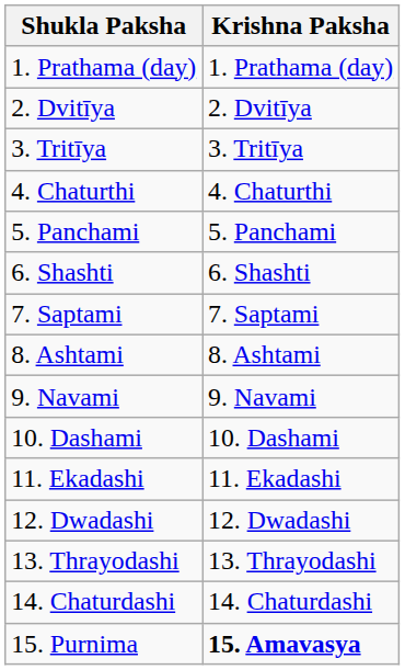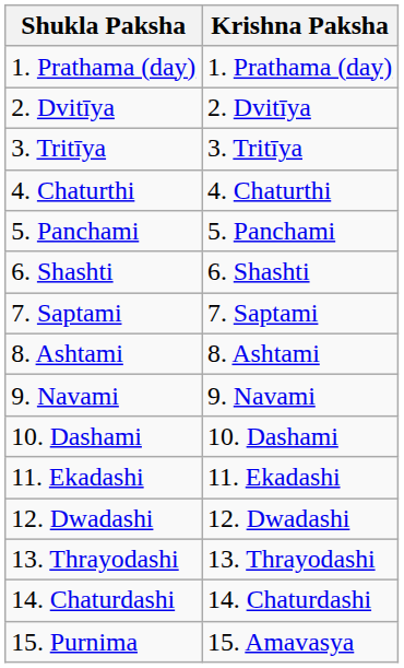 <table class="wikitable">
 <tr>
 <th>Shukla Paksha</th>
 <th>Krishna Paksha</th>
 </tr>
 <tr>
 <td>1. <a href='#'>Prathama (day)</a></td>
 <td>1. <a href='#'>Prathama (day)</a></td>
 </tr>
 <tr>
 <td>2. <a href='#'>Dvitīya</a></td>
 <td>2. <a href='#'>Dvitīya</a></td>
 </tr>
 <tr>
 <td>3. <a href='#'>Tritīya</a></td>
 <td>3. <a href='#'>Tritīya</a></td>
 </tr>
 <tr>
 <td>4. <a href='#'>Chaturthi</a></td>
 <td>4. <a href='#'>Chaturthi</a></td>
 </tr>
 <tr>
 <td>5. <a href='#'>Panchami</a></td>
 <td>5. <a href='#'>Panchami</a></td>
 </tr>
 <tr>
 <td>6. <a href='#'>Shashti</a></td>
 <td>6. <a href='#'>Shashti</a></td>
 </tr>
 <tr>
 <td>7. <a href='#'>Saptami</a></td>
 <td>7. <a href='#'>Saptami</a></td>
 </tr>
 <tr>
 <td>8. <a href='#'>Ashtami</a></td>
 <td>8. <a href='#'>Ashtami</a></td>
 </tr>
 <tr>
 <td>9. <a href='#'>Navami</a></td>
 <td>9. <a href='#'>Navami</a></td>
 </tr>
 <tr>
 <td>10. <a href='#'>Dashami</a></td>
 <td>10. <a href='#'>Dashami</a></td>
 </tr>
 <tr>
 <td>11. <a href='#'>Ekadashi</a></td>
 <td>11. <a href='#'>Ekadashi</a></td>
 </tr>
 <tr>
 <td>12. <a href='#'>Dwadashi</a></td>
 <td>12. <a href='#'>Dwadashi</a></td>
 </tr>
 <tr>
 <td>13. <a href='#'>Thrayodashi</a></td>
 <td>13. <a href='#'>Thrayodashi</a></td>
 </tr>
 <tr>
 <td>14. <a href='#'>Chaturdashi</a></td>
 <td>14. <a href='#'>Chaturdashi</a></td>
 </tr>
 <tr>
 <td>15. <a href='#'>Purnima</a></td>
-<td><strong>15. <a href='#'>Amavasya</a></strong></td>
+<td>15. <a href='#'>Amavasya</a></td>
 </tr>
 </table>
